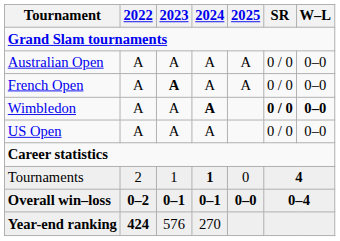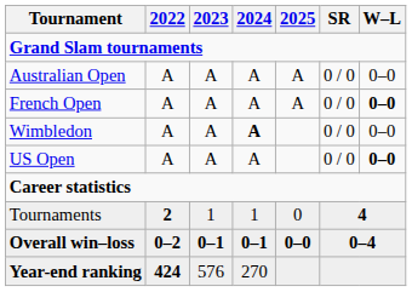 <table class=wikitable style=text-align:center>
 <tr>
 <th>Tournament</th>
 <th><a href='#'>2022</a></th>
 <th><a href='#'>2023</a></th>
 <th><a href='#'>2024</a></th>
 <th><a href='#'>2025</a></th>
 <th>SR</th>
 <th>W–L</th>
 </tr>
 <tr>
 <td colspan="7" align="left"><strong><a href='#'>Grand Slam tournaments</a></strong></td>
 </tr>
 <tr>
 <td align=left><a href='#'>Australian Open</a></td>
 <td>A</td>
 <td>A</td>
 <td>A</td>
 <td>A</td>
 <td>0 / 0</td>
 <td>0–0</td>
 </tr>
 <tr>
 <td align=left><a href='#'>French Open</a></td>
 <td>A</td>
-<td><strong>A</strong></td>
+<td>A</td>
 <td>A</td>
 <td>A</td>
 <td>0 / 0</td>
-<td>0–0</td>
+<td><strong>0–0</strong></td>
 </tr>
 <tr>
 <td align=left><a href='#'>Wimbledon</a></td>
 <td>A</td>
 <td>A</td>
 <td><strong>A</strong></td>
 <td></td>
-<td><strong>0 / 0</strong></td>
-<td><strong>0–0</strong></td>
+<td>0 / 0</td>
+<td>0–0</td>
 </tr>
 <tr>
 <td align=left><a href='#'>US Open</a></td>
 <td>A</td>
 <td>A</td>
 <td>A</td>
 <td></td>
 <td>0 / 0</td>
-<td>0–0</td>
+<td><strong>0–0</strong></td>
 </tr>
 <tr>
 <td colspan="7" align="left"><strong>Career statistics</strong></td>
 </tr>
 <tr bgcolor=efefef>
 <td align=left>Tournaments</td>
-<td>2</td>
+<td><strong>2</strong></td>
 <td>1</td>
-<td><strong>1</strong></td>
+<td>1</td>
 <td>0</td>
 <td colspan="2"><strong>4</strong></td>
 </tr>
 <tr style=font-weight:bold;background:#efefef>
 <td style=text-align:left>Overall win–loss</td>
 <td>0–2</td>
 <td>0–1</td>
 <td>0–1</td>
 <td>0–0</td>
 <td colspan="2">0–4</td>
 </tr>
 <tr bgcolor=efefef>
 <td align=left><strong>Year-end ranking</strong></td>
 <td><strong>424</strong></td>
 <td>576</td>
 <td>270</td>
 <td></td>
 <td colspan="2"></td>
 </tr>
 </table>
